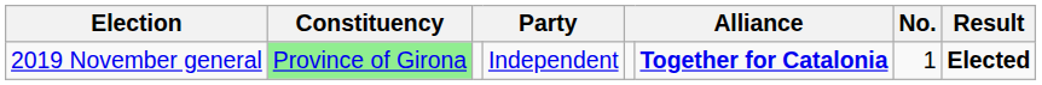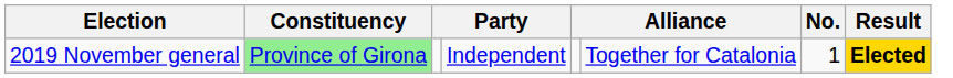 <table class="wikitable" style="text-align:left;">
 <tr>
 <th scope=col>Election</th>
 <th scope=col>Constituency</th>
 <th scope=col colspan="2">Party</th>
 <th scope=col colspan="2">Alliance</th>
 <th scope=col>No.</th>
 <th scope=col>Result</th>
 </tr>
 <tr>
 <td><a href='#'>2019 November general</a></td>
 <td style="background: lightgreen;"><a href='#'>Province of Girona</a></td>
 <td style="background:"></td>
 <td><a href='#'>Independent</a></td>
 <td style="background:"></td>
-<td><strong><a href='#'>Together for Catalonia</a></strong></td>
+<td><a href='#'>Together for Catalonia</a></td>
 <td align=right>1</td>
-<td><strong>Elected</strong></td>
+<td style="background: gold;"><strong>Elected</strong></td>
 </tr>
 </table>
